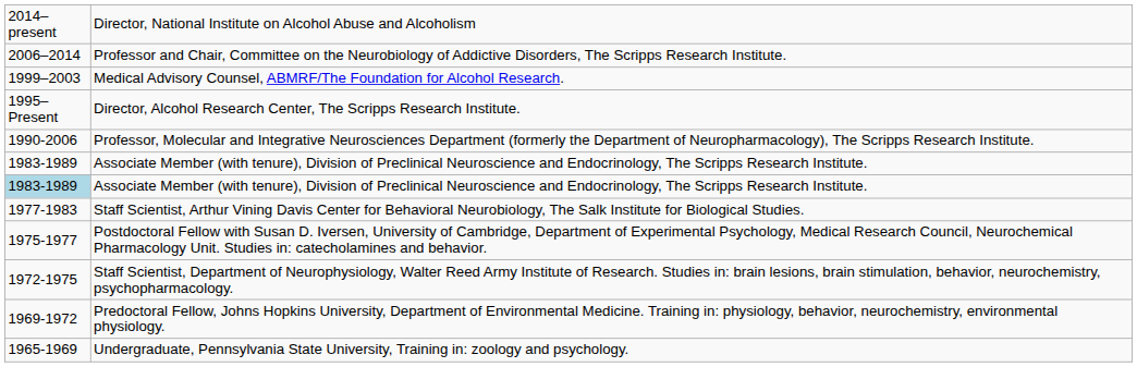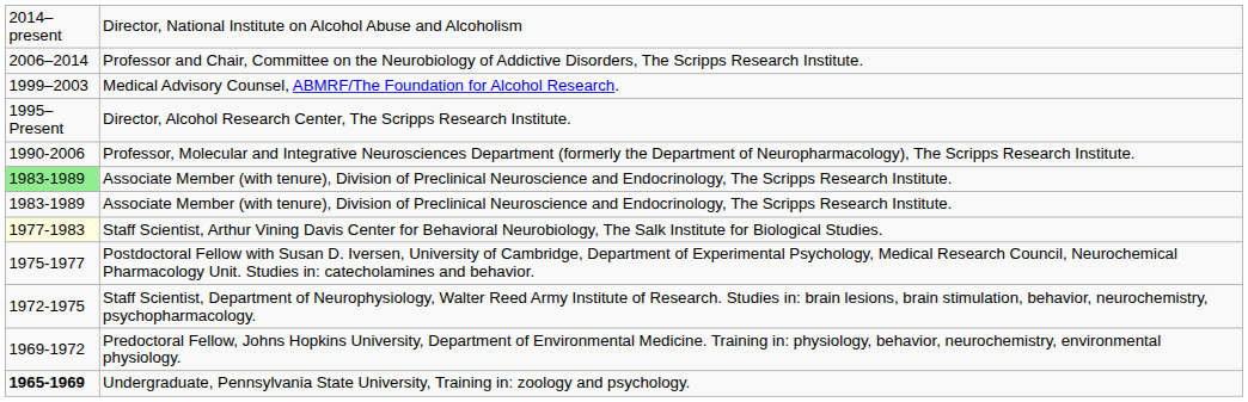 <table class="wikitable">
 <tr>
 <td>2014–present</td>
 <td>Director, National Institute on Alcohol Abuse and Alcoholism</td>
 </tr>
 <tr>
 <td>2006–2014</td>
 <td>Professor and Chair, Committee on the Neurobiology of Addictive Disorders, The Scripps Research Institute.</td>
 </tr>
 <tr>
 <td>1999–2003</td>
 <td>Medical Advisory Counsel, <a href='#'>ABMRF/The Foundation for Alcohol Research</a>.</td>
 </tr>
 <tr>
 <td>1995–Present</td>
 <td>Director, Alcohol Research Center, The Scripps Research Institute.</td>
 </tr>
 <tr>
 <td>1990-2006</td>
 <td>Professor, Molecular and Integrative Neurosciences Department (formerly the Department of Neuropharmacology), The Scripps Research Institute.</td>
 </tr>
 <tr>
+<td style="background: lightgreen;">1983-1989</td>
+<td>Associate Member (with tenure), Division of Preclinical Neuroscience and Endocrinology, The Scripps Research Institute.</td>
+</tr>
+<tr>
 <td>1983-1989</td>
 <td>Associate Member (with tenure), Division of Preclinical Neuroscience and Endocrinology, The Scripps Research Institute.</td>
 </tr>
 <tr>
-<td style="background: lightblue;">1983-1989</td>
-<td>Associate Member (with tenure), Division of Preclinical Neuroscience and Endocrinology, The Scripps Research Institute.</td>
-</tr>
-<tr>
-<td>1977-1983</td>
+<td style="background: lightyellow;">1977-1983</td>
 <td>Staff Scientist, Arthur Vining Davis Center for Behavioral Neurobiology, The Salk Institute for Biological Studies.</td>
 </tr>
 <tr>
 <td>1975-1977</td>
 <td>Postdoctoral Fellow with Susan D. Iversen, University of Cambridge, Department of Experimental Psychology, Medical Research Council, Neurochemical Pharmacology Unit. Studies in: catecholamines and behavior.</td>
 </tr>
 <tr>
 <td>1972-1975</td>
 <td>Staff Scientist, Department of Neurophysiology, Walter Reed Army Institute of Research. Studies in: brain lesions, brain stimulation, behavior, neurochemistry, psychopharmacology.</td>
 </tr>
 <tr>
 <td>1969-1972</td>
 <td>Predoctoral Fellow, Johns Hopkins University, Department of Environmental Medicine. Training in: physiology, behavior, neurochemistry, environmental physiology.</td>
 </tr>
 <tr>
-<td>1965-1969</td>
+<td><strong>1965-1969</strong></td>
 <td>Undergraduate, Pennsylvania State University, Training in: zoology and psychology.</td>
 </tr>
 </table>
